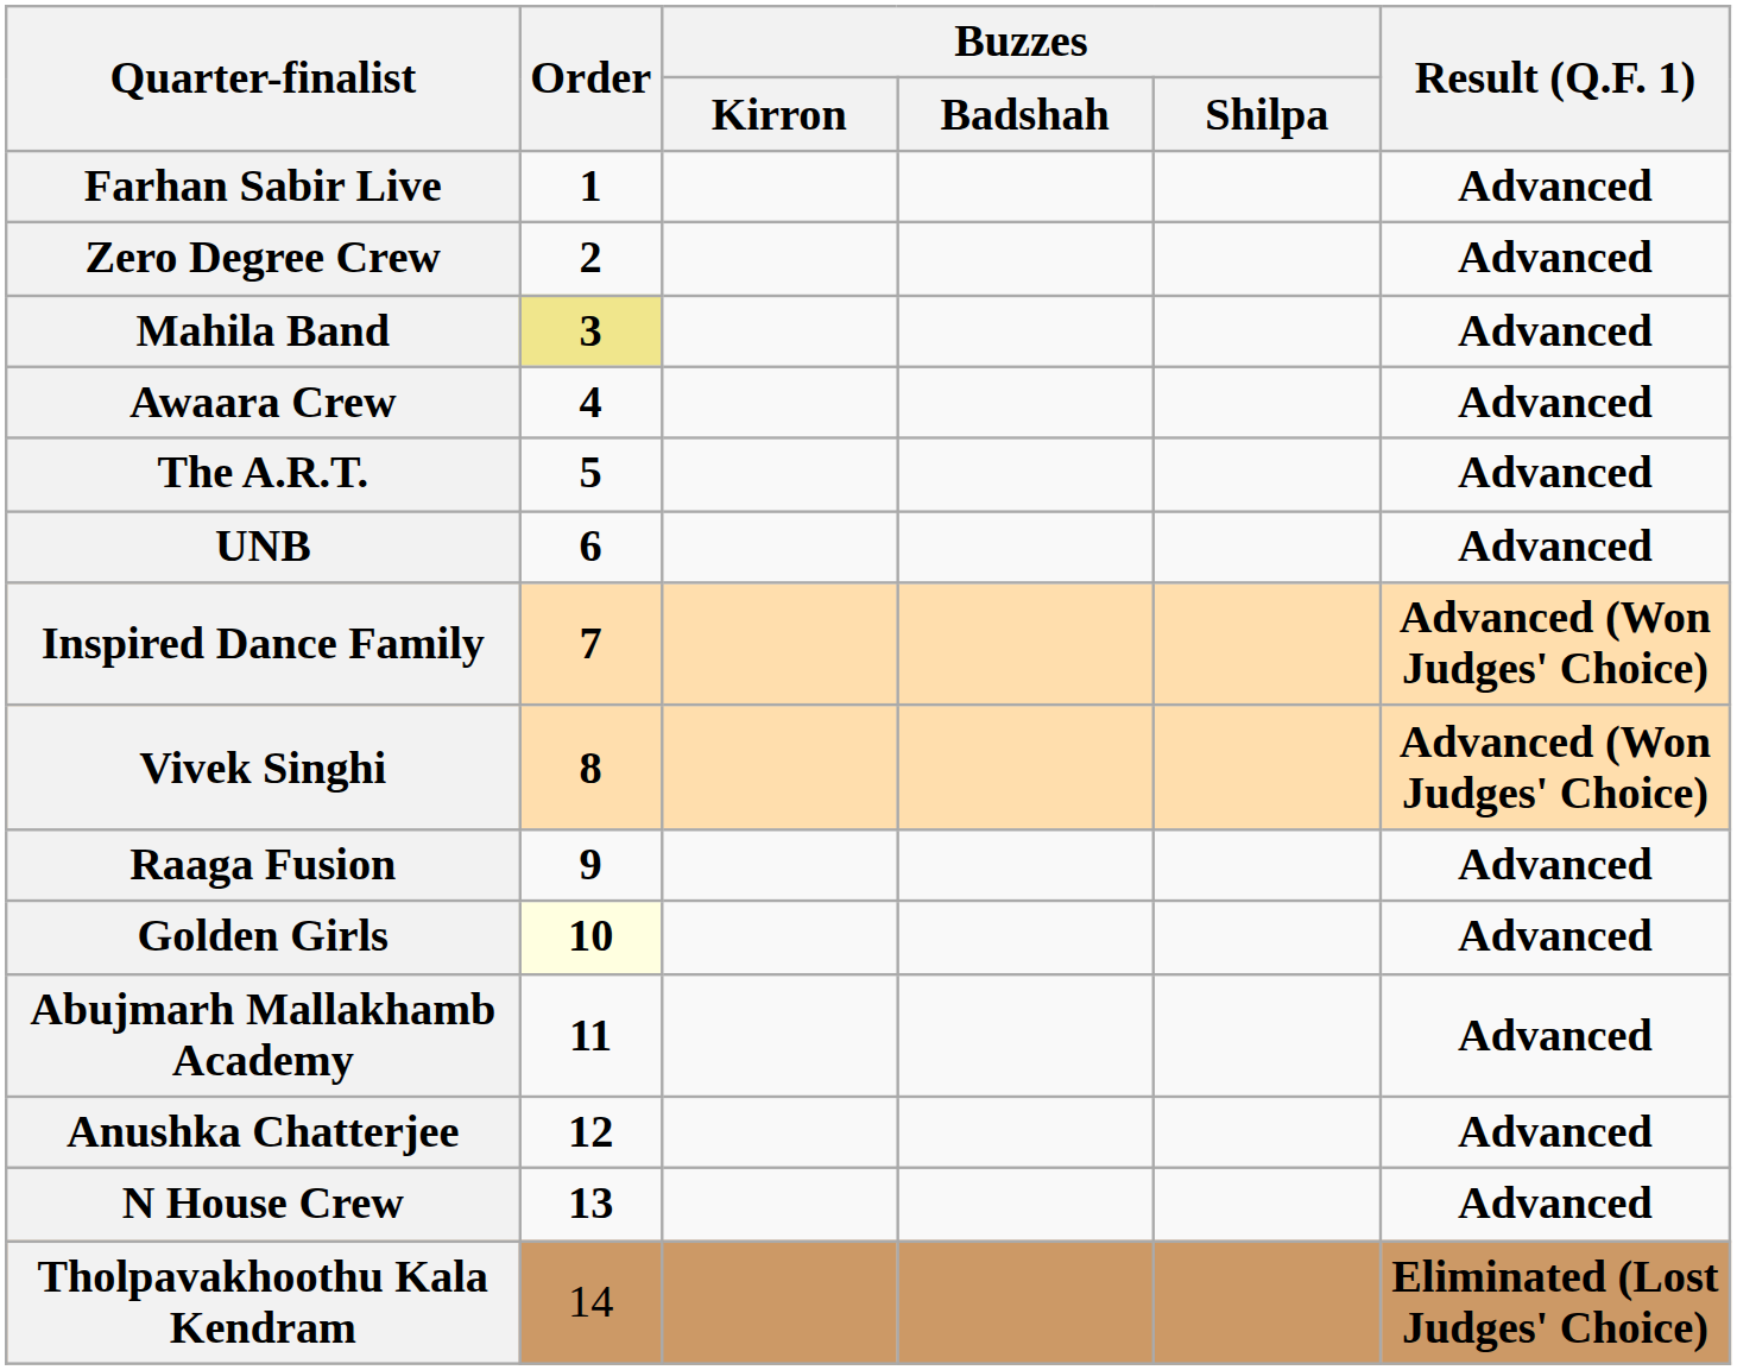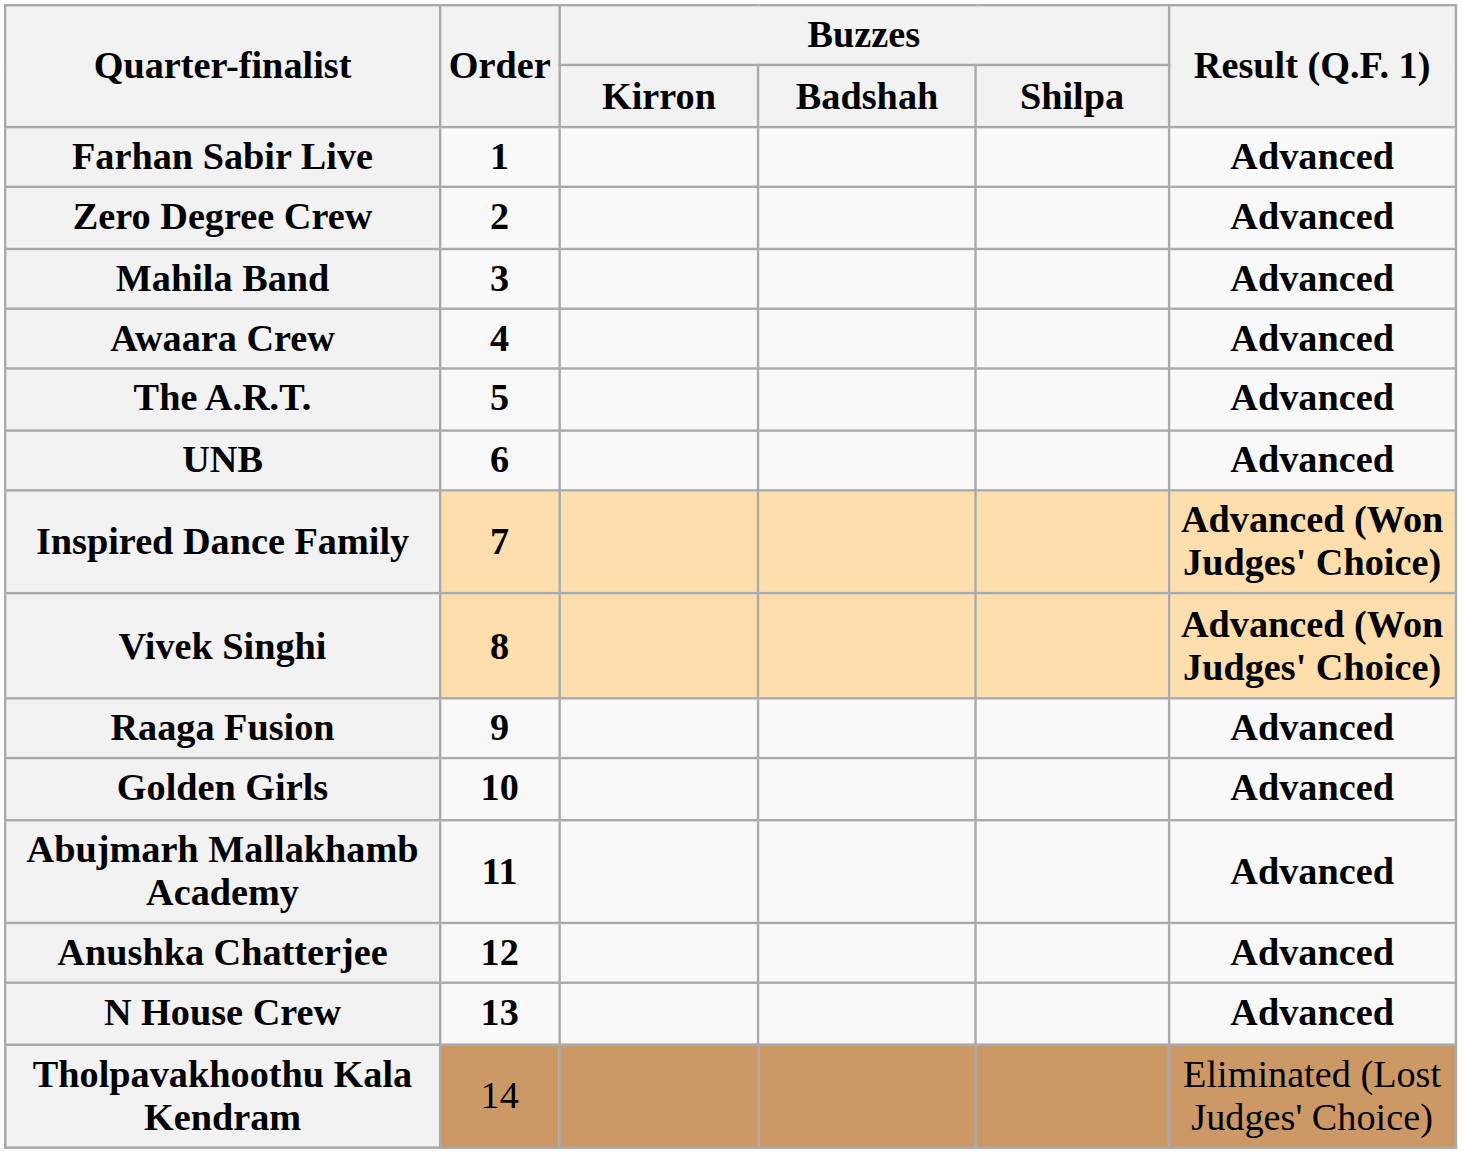 <table class="wikitable plainrowheaders sortable" style="text-align:center;">
 <tr>
 <th rowspan="2" class="unsortable" scope="col" style="width:17em;">Quarter-finalist</th>
 <th rowspan="2" scope="col" style="width:1em;">Order</th>
 <th colspan="3" class="unsortable" scope="col" style="width:24em;">Buzzes</th>
 <th rowspan="2" class="sortable" scope="col" style="width:12em;">Result (Q.F. 1)</th>
 </tr>
 <tr>
 <th class="unsortable" scope="col" style="width:8em;">Kirron</th>
 <th class="unsortable" scope="col" style="width:8em;">Badshah</th>
 <th class="unsortable" scope="col" style="width:8em;">Shilpa</th>
 </tr>
 <tr>
 <th scope="row"><strong>Farhan Sabir Live</strong></th>
 <td><strong>1</strong></td>
 <td style="text-align:center;"><strong></strong></td>
 <td style="text-align:center;"><strong></strong></td>
 <td style="text-align:center;"></td>
 <td><strong>Advanced</strong></td>
 </tr>
 <tr>
 <th scope="row"><strong>Zero Degree Crew</strong></th>
 <td><strong>2</strong></td>
 <td></td>
 <td></td>
 <td></td>
 <td><strong>Advanced</strong></td>
 </tr>
 <tr>
 <th scope="row"><strong>Mahila Band</strong></th>
-<td style="background: khaki;"><strong>3</strong></td>
+<td><strong>3</strong></td>
 <td></td>
 <td></td>
 <td></td>
 <td><strong>Advanced</strong></td>
 </tr>
 <tr>
 <th scope="row"><strong>Awaara Crew</strong></th>
 <td><strong>4</strong></td>
 <td><strong></strong></td>
 <td></td>
 <td></td>
 <td><strong>Advanced</strong></td>
 </tr>
 <tr>
 <th scope="row"><strong>The A.R.T.</strong></th>
 <td><strong>5</strong></td>
 <td></td>
 <td></td>
 <td><strong></strong></td>
 <td><strong>Advanced</strong></td>
 </tr>
 <tr>
 <th scope="row"><strong>UNB</strong></th>
 <td><strong>6</strong></td>
 <td></td>
 <td></td>
 <td></td>
 <td><strong>Advanced</strong></td>
 </tr>
 <tr style="background:NavajoWhite;">
 <th scope="row"><strong>Inspired Dance Family</strong></th>
 <td><strong>7</strong></td>
 <td></td>
 <td></td>
 <td></td>
 <td><strong>Advanced (Won Judges' Choice)</strong></td>
 </tr>
 <tr style="background:NavajoWhite;">
 <th scope="row"><strong>Vivek Singhi</strong></th>
 <td><strong>8</strong></td>
 <td></td>
 <td></td>
 <td></td>
 <td><strong>Advanced (Won Judges' Choice)</strong></td>
 </tr>
 <tr>
 <th scope="row"><strong>Raaga Fusion</strong></th>
 <td><strong>9</strong></td>
 <td><strong></strong></td>
 <td></td>
 <td></td>
 <td><strong>Advanced</strong></td>
 </tr>
 <tr>
 <th scope="row"><strong>Golden Girls</strong></th>
-<td style="background: lightyellow;"><strong>10</strong></td>
+<td><strong>10</strong></td>
 <td><strong></strong></td>
 <td></td>
 <td></td>
 <td><strong>Advanced</strong></td>
 </tr>
 <tr>
 <th scope="row"><strong>Abujmarh Mallakhamb Academy</strong></th>
 <td><strong>11</strong></td>
 <td></td>
 <td><strong></strong></td>
 <td></td>
 <td><strong>Advanced</strong></td>
 </tr>
 <tr>
 <th scope="row"><strong>Anushka Chatterjee</strong></th>
 <td><strong>12</strong></td>
 <td></td>
 <td></td>
 <td></td>
 <td><strong>Advanced</strong></td>
 </tr>
 <tr>
 <th scope="row"><strong>N House Crew</strong></th>
 <td><strong>13</strong></td>
 <td></td>
 <td></td>
 <td></td>
 <td><strong>Advanced</strong></td>
 </tr>
 <tr style="background:#c96;">
 <th scope="row">Tholpavakhoothu Kala Kendram</th>
 <td>14</td>
 <td></td>
 <td></td>
 <td></td>
-<td><strong>Eliminated (Lost Judges' Choice)</strong></td>
+<td>Eliminated (Lost Judges' Choice)</td>
 </tr>
 </table>
